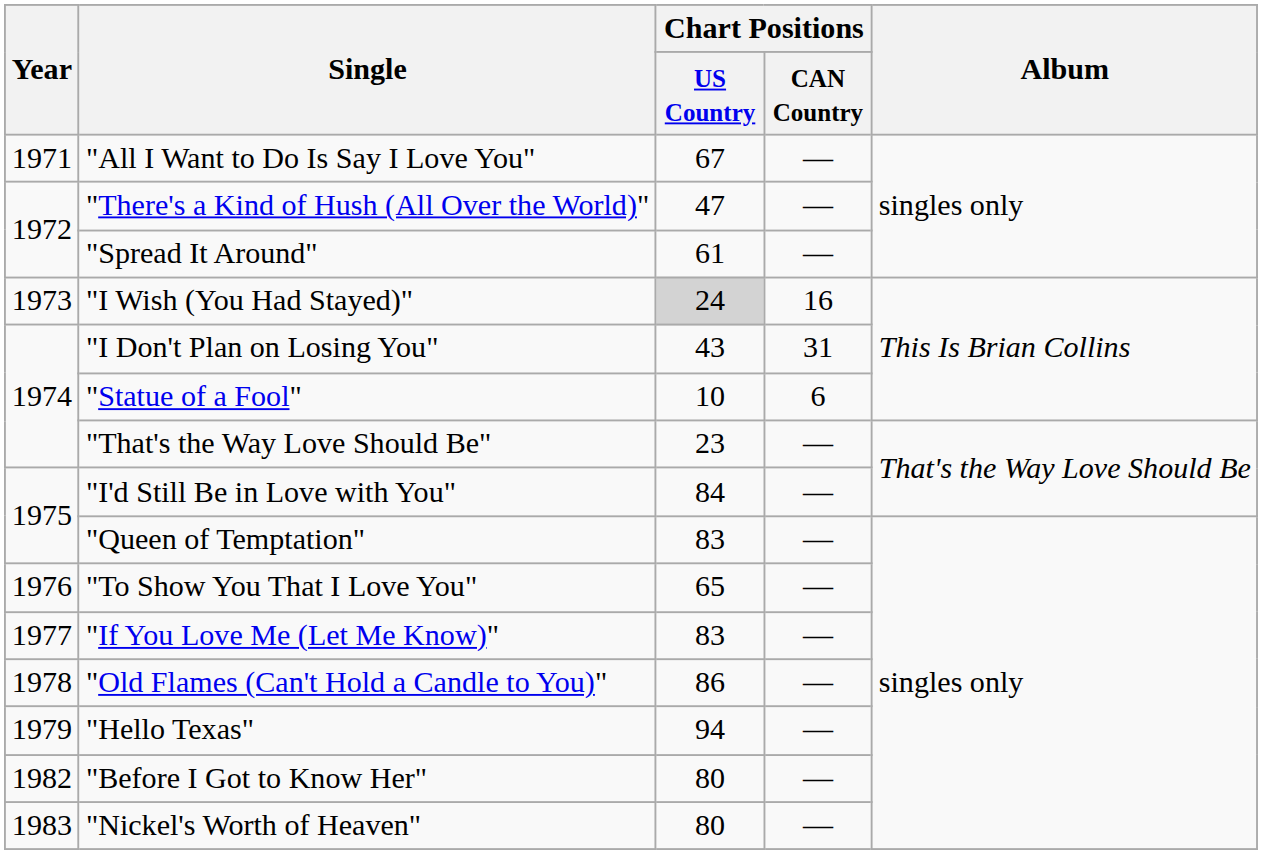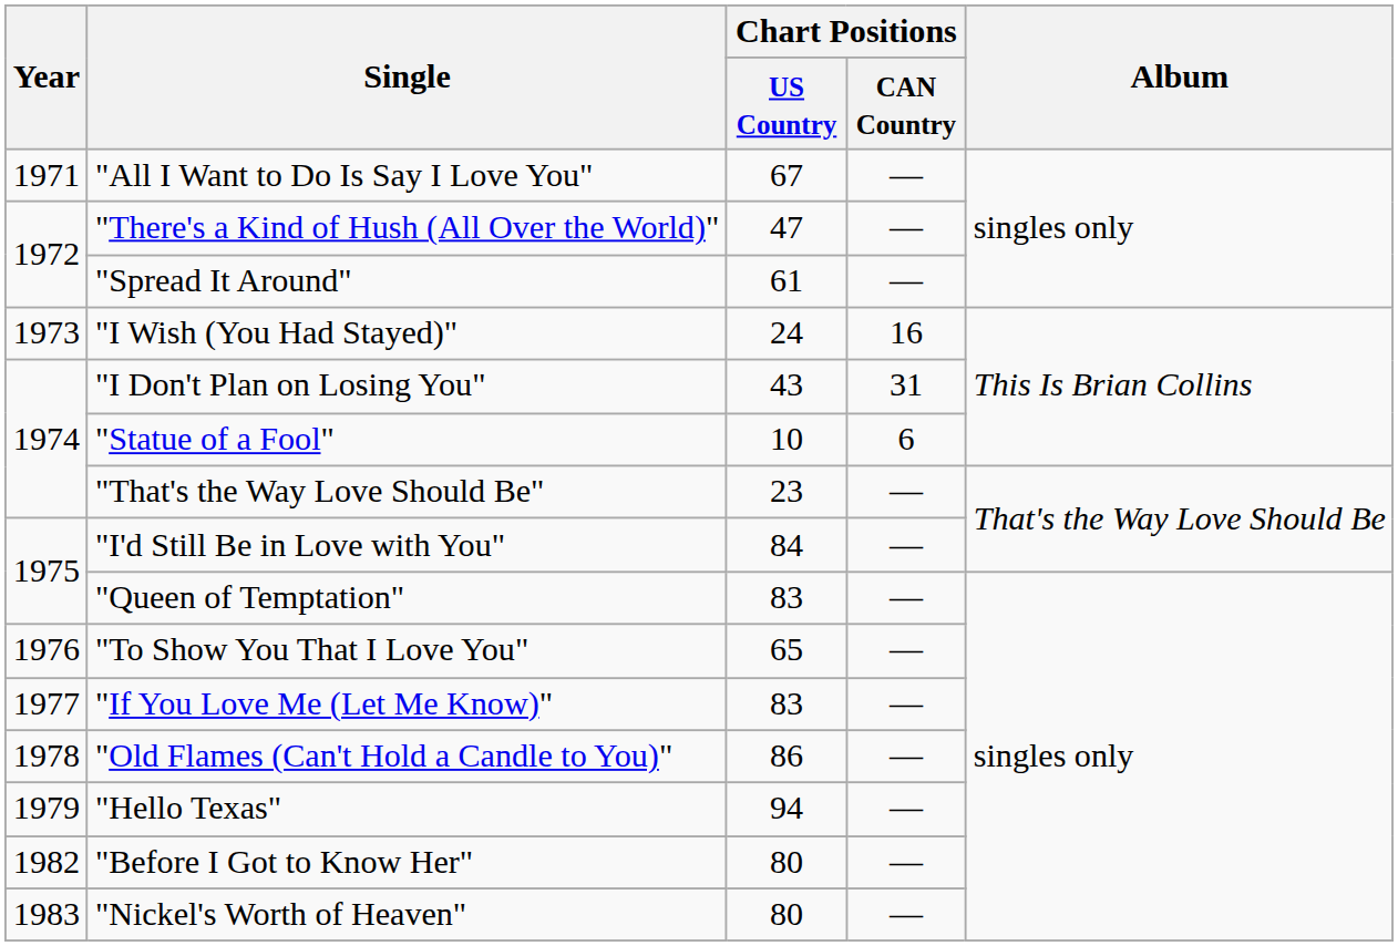 <table class="wikitable">
 <tr>
 <th rowspan="2">Year</th>
 <th rowspan="2">Single</th>
 <th colspan="2">Chart Positions</th>
 <th rowspan="2">Album</th>
 </tr>
 <tr>
 <th width="50"><small><a href='#'>US Country</a></small></th>
 <th width="50"><small>CAN Country</small></th>
 </tr>
 <tr>
 <td>1971</td>
 <td>"All I Want to Do Is Say I Love You"</td>
 <td align="center">67</td>
 <td align="center">—</td>
 <td rowspan="3">singles only</td>
 </tr>
 <tr>
 <td rowspan=2>1972</td>
 <td>"<a href='#'>There's a Kind of Hush (All Over the World)</a>"</td>
 <td align="center">47</td>
 <td align="center">—</td>
 </tr>
 <tr>
 <td>"Spread It Around"</td>
 <td align="center">61</td>
 <td align="center">—</td>
 </tr>
 <tr>
 <td>1973</td>
 <td>"I Wish (You Had Stayed)"</td>
-<td align="center" style="background: lightgrey;">24</td>
+<td align="center">24</td>
 <td align="center">16</td>
 <td rowspan="3"><em>This Is Brian Collins</em></td>
 </tr>
 <tr>
 <td rowspan=3>1974</td>
 <td>"I Don't Plan on Losing You"</td>
 <td align="center">43</td>
 <td align="center">31</td>
 </tr>
 <tr>
 <td>"<a href='#'>Statue of a Fool</a>"</td>
 <td align="center">10</td>
 <td align="center">6</td>
 </tr>
 <tr>
 <td>"That's the Way Love Should Be"</td>
 <td align="center">23</td>
 <td align="center">—</td>
 <td rowspan="2"><em>That's the Way Love Should Be</em></td>
 </tr>
 <tr>
 <td rowspan=2>1975</td>
 <td>"I'd Still Be in Love with You"</td>
 <td align="center">84</td>
 <td align="center">—</td>
 </tr>
 <tr>
 <td>"Queen of Temptation"</td>
 <td align="center">83</td>
 <td align="center">—</td>
 <td rowspan="7">singles only</td>
 </tr>
 <tr>
 <td>1976</td>
 <td>"To Show You That I Love You"</td>
 <td align="center">65</td>
 <td align="center">—</td>
 </tr>
 <tr>
 <td>1977</td>
 <td>"<a href='#'>If You Love Me (Let Me Know)</a>"</td>
 <td align="center">83</td>
 <td align="center">—</td>
 </tr>
 <tr>
 <td>1978</td>
 <td>"<a href='#'>Old Flames (Can't Hold a Candle to You)</a>"</td>
 <td align="center">86</td>
 <td align="center">—</td>
 </tr>
 <tr>
 <td>1979</td>
 <td>"Hello Texas"</td>
 <td align="center">94</td>
 <td align="center">—</td>
 </tr>
 <tr>
 <td>1982</td>
 <td>"Before I Got to Know Her"</td>
 <td align="center">80</td>
 <td align="center">—</td>
 </tr>
 <tr>
 <td>1983</td>
 <td>"Nickel's Worth of Heaven"</td>
 <td align="center">80</td>
 <td align="center">—</td>
 </tr>
 </table>
